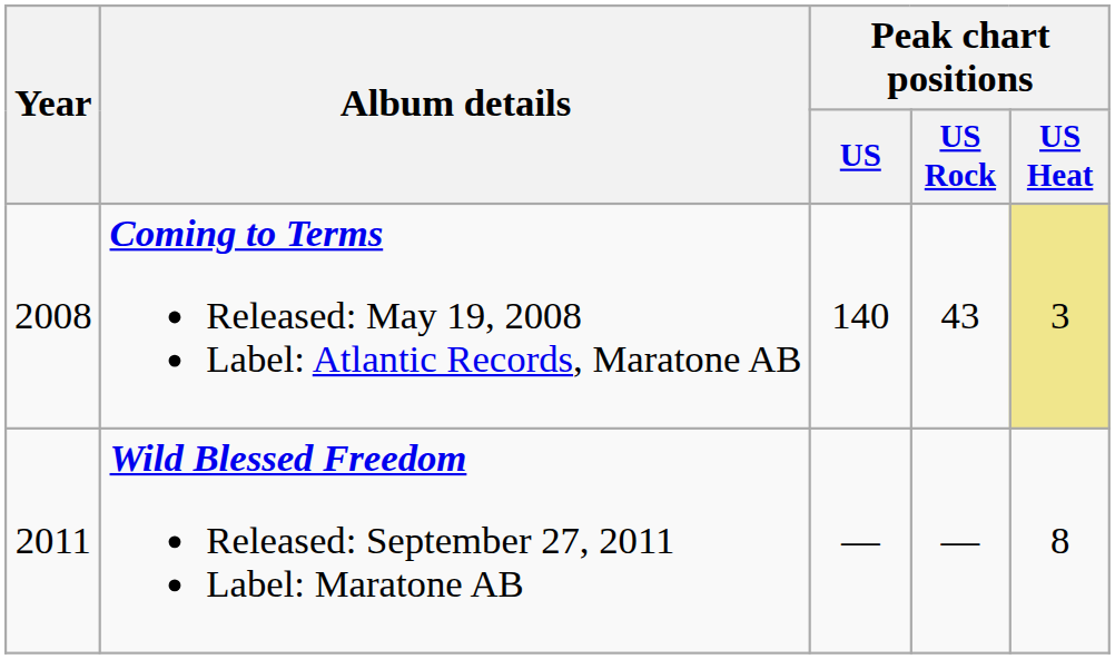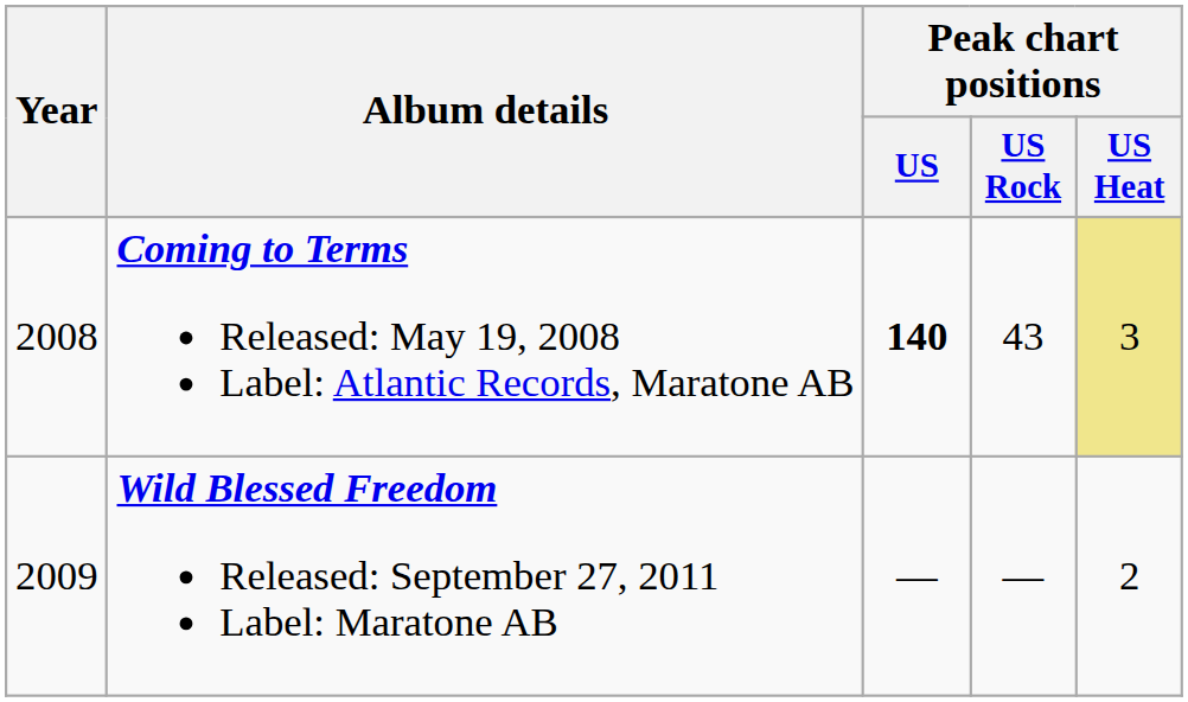 <table class="wikitable" style="text-align:center;">
 <tr>
 <th rowspan="2">Year</th>
 <th rowspan="2">Album details</th>
 <th colspan="3">Peak chart positions</th>
 </tr>
 <tr style="font-size:smaller;">
 <th style="width:35px;"><a href='#'>US</a><br></th>
 <th style="width:35px;"><a href='#'>US<br>Rock</a><br></th>
 <th style="width:35px;"><a href='#'>US<br>Heat</a><br></th>
 </tr>
 <tr>
 <td>2008</td>
 <td style="text-align:left;"><strong><em><a href='#'>Coming to Terms</a></em></strong><br><ul><li>Released: May 19, 2008</li><li>Label: <a href='#'>Atlantic Records</a>, Maratone AB</li></ul></td>
-<td>140</td>
+<td><strong>140</strong></td>
 <td>43</td>
 <td style="background: khaki;">3</td>
 </tr>
 <tr>
-<td>2011</td>
+<td>2009</td>
 <td style="text-align:left;"><strong><em><a href='#'>Wild Blessed Freedom</a></em></strong><br><ul><li>Released: September 27, 2011</li><li>Label: Maratone AB</li></ul></td>
 <td>—</td>
 <td>—</td>
-<td>8</td>
+<td>2</td>
 </tr>
 </table>
